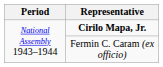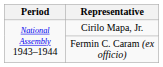 <table class="wikitable" style="text-align:center; width:40%;">
 <tr>
 <th width="40%">Period</th>
 <th>Representative</th>
 </tr>
 <tr>
 <td rowspan="2"><small><a href='#'><em>National Assembly</em></a></small><br>1943–1944</td>
-<td><strong>Cirilo Mapa, Jr.</strong></td>
+<td>Cirilo Mapa, Jr.</td>
 </tr>
 <tr>
 <td>Fermin C. Caram <em>(ex officio)</em></td>
 </tr>
 </table>
